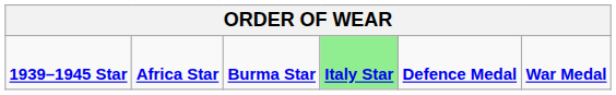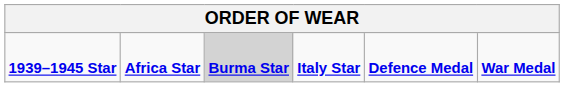 <table class="wikitable" style="margin: 1em auto;">
 <tr>
 <th colspan="6">ORDER OF WEAR</th>
 </tr>
 <tr align="center">
 <td><br><small><strong><a href='#'>1939–1945 Star</a></strong></small></td>
 <td><br><small><strong><a href='#'>Africa Star</a></strong></small></td>
-<td><br><small><strong><a href='#'>Burma Star</a></strong></small></td>
-<td style="background: lightgreen;"><br><small><strong><a href='#'>Italy Star</a></strong></small></td>
+<td style="background: lightgrey;"><br><small><strong><a href='#'>Burma Star</a></strong></small></td>
+<td><br><small><strong><a href='#'>Italy Star</a></strong></small></td>
 <td><br><small><strong><a href='#'>Defence Medal</a></strong></small></td>
 <td><br><small><strong><a href='#'>War Medal</a></strong></small></td>
 </tr>
 </table>
